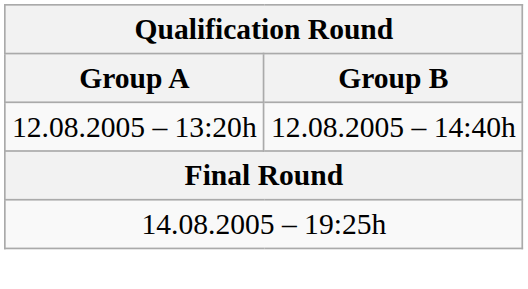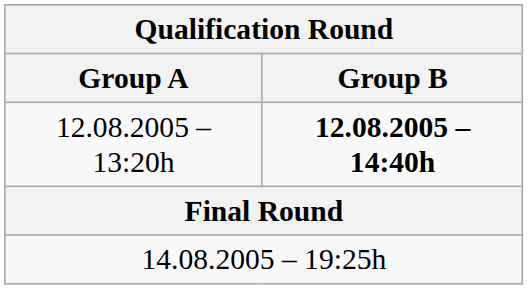 <table class="wikitable" style=" text-align:center; font-size:110%;" width="35%">
 <tr>
 <th colspan="2">Qualification Round</th>
 </tr>
 <tr>
 <th>Group A</th>
 <th>Group B</th>
 </tr>
 <tr>
 <td>12.08.2005 – 13:20h</td>
-<td>12.08.2005 – 14:40h</td>
+<td><strong>12.08.2005 – 14:40h</strong></td>
 </tr>
 <tr>
 <th colspan="2">Final Round</th>
 </tr>
 <tr>
 <td colspan="2">14.08.2005 – 19:25h</td>
 </tr>
 </table>
